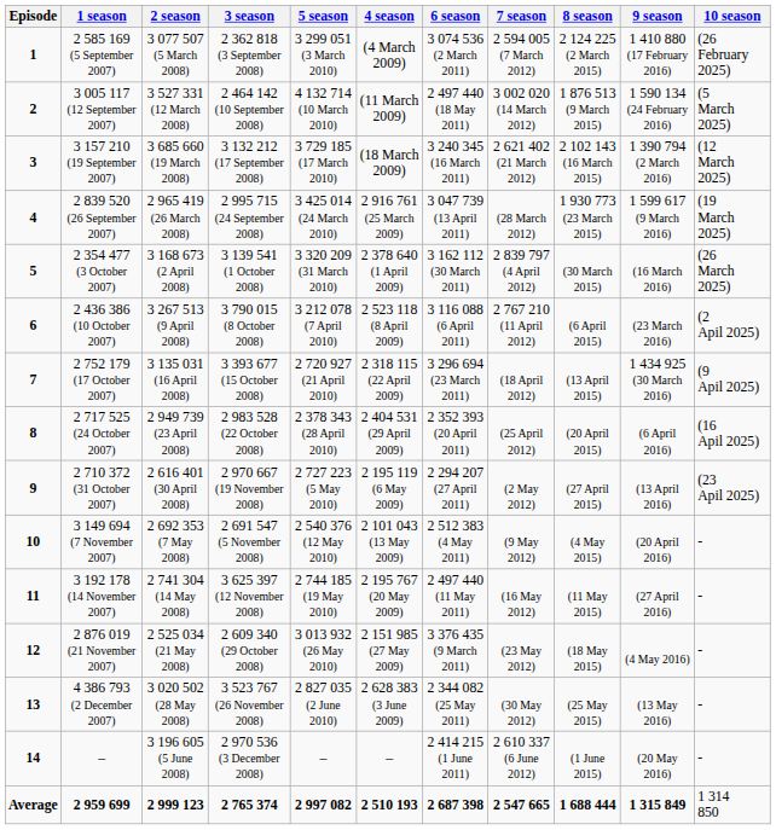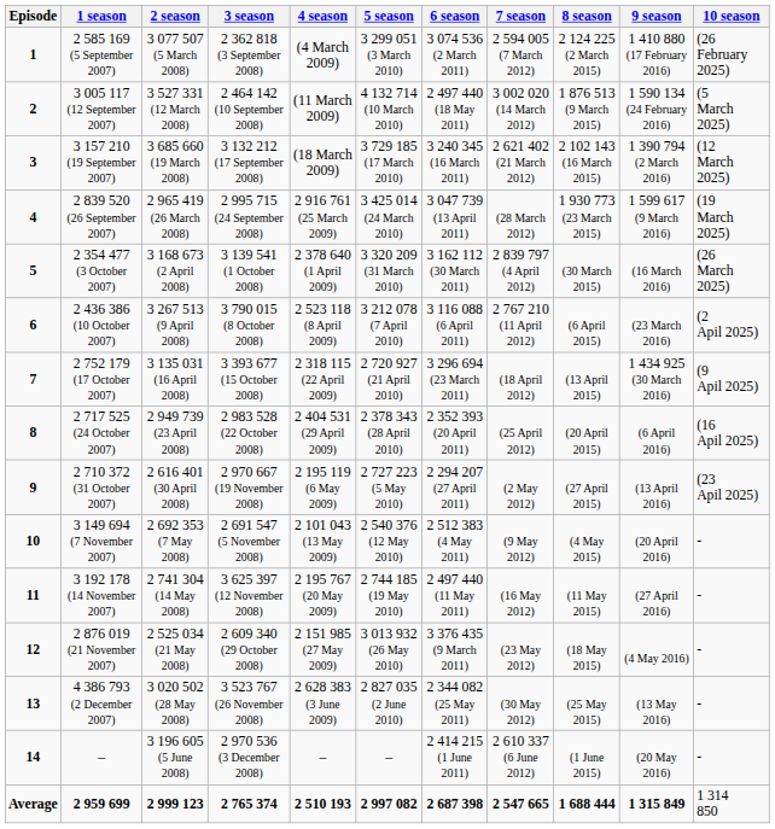 <table class="wikitable">
 <tr>
 <th>Episode</th>
 <th><a href='#'>1 season</a></th>
 <th><a href='#'>2 season</a></th>
 <th><a href='#'>3 season</a></th>
+<th><a href='#'>4 season</a></th>
 <th><a href='#'>5 season</a></th>
-<th><a href='#'>4 season</a></th>
 <th><a href='#'>6 season</a></th>
 <th><a href='#'>7 season</a></th>
 <th><a href='#'>8 season</a></th>
 <th><a href='#'>9 season</a></th>
 <th><a href='#'>10 season</a></th>
 </tr>
 <tr -->
 <td align="center"><strong>1</strong></td>
 <td align="center">2 585 169<br><small>(5 September 2007)</small></td>
 <td align="center">3 077 507<br><small>(5 March 2008)</small></td>
 <td align="center">2 362 818<br><small>(3 September 2008)</small></td>
+<td align="center">(4 March<br>2009)</td>
 <td align="center">3 299 051<br><small>(3 March 2010)</small></td>
-<td align="center">(4 March<br>2009)</td>
 <td align="center">3 074 536<br><small>(2 March 2011)</small></td>
 <td align="center">2 594 005<br><small>(7 March 2012)</small></td>
 <td align="center">2 124 225<br><small>(2 March 2015)</small></td>
 <td align="center">1 410 880<br><small>(17 February 2016)</small></td>
 <td>(26<br>February 2025)</td>
 </tr>
 <tr -->
 <td align="center"><strong>2</strong></td>
 <td align="center">3 005 117<br><small>(12 September 2007)</small></td>
 <td align="center">3 527 331<br><small>(12 March 2008)</small></td>
 <td align="center">2 464 142<br><small>(10 September 2008)</small></td>
+<td align="center">(11 March<br>2009)</td>
 <td align="center">4 132 714<br><small>(10 March 2010)</small></td>
-<td align="center">(11 March<br>2009)</td>
 <td align="center">2 497 440<br><small>(18 May 2011)</small></td>
 <td align="center">3 002 020<br><small>(14 March 2012)</small></td>
 <td align="center">1 876 513<br><small>(9 March 2015)</small></td>
 <td align="center">1 590 134<br><small>(24 February 2016)</small></td>
 <td>(5<br>March  2025)</td>
 </tr>
 <tr -->
 <td align="center"><strong>3</strong></td>
 <td align="center">3 157 210<br><small>(19 September 2007)</small></td>
 <td align="center">3 685 660<br><small>(19 March 2008)</small></td>
 <td align="center">3 132 212<br><small>(17 September 2008)</small></td>
+<td align="center">(18 March<br>2009)</td>
 <td align="center">3 729 185<br><small>(17 March 2010)</small></td>
-<td align="center">(18 March<br>2009)</td>
 <td align="center">3 240 345<br><small>(16 March 2011)</small></td>
 <td align="center">2 621 402<br><small>(21 March 2012)</small></td>
 <td align="center">2 102 143<br><small>(16 March 2015)</small></td>
 <td align="center">1 390 794<br><small>(2 March 2016)</small></td>
 <td>(12<br>March  2025)</td>
 </tr>
 <tr -->
 <td align="center"><strong>4</strong></td>
 <td align="center">2 839 520<br><small>(26 September 2007)</small></td>
 <td align="center">2 965 419<br><small>(26 March 2008)</small></td>
 <td align="center">2 995 715<br><small>(24 September 2008)</small></td>
+<td align="center">2 916 761<br><small>(25 March 2009)</small></td>
 <td align="center">3 425 014<br><small>(24 March 2010)</small></td>
-<td align="center">2 916 761<br><small>(25 March 2009)</small></td>
 <td align="center">3 047 739<br><small>(13 April 2011)</small></td>
 <td align="center"><br><small>(28 March 2012)</small></td>
 <td align="center">1 930 773<br><small>(23 March 2015)</small></td>
 <td align="center">1 599 617<br><small>(9 March 2016)</small></td>
 <td>(19<br>March  2025)</td>
 </tr>
 <tr -->
 <td align="center"><strong>5</strong></td>
 <td align="center">2 354 477<br><small>(3 October 2007)</small></td>
 <td align="center">3 168 673<br><small>(2 April 2008)</small></td>
 <td align="center">3 139 541<br><small>(1 October 2008)</small></td>
+<td align="center">2 378 640<br><small>(1 April 2009)</small></td>
 <td align="center">3 320 209<br><small>(31 March 2010)</small></td>
-<td align="center">2 378 640<br><small>(1 April 2009)</small></td>
 <td align="center">3 162 112<br><small>(30 March 2011)</small></td>
 <td align="center">2 839 797<br><small>(4 April 2012)</small></td>
 <td align="center"><br><small>(30 March 2015)</small></td>
 <td align="center"><br><small>(16 March 2016)</small></td>
 <td>(26<br>March  2025)</td>
 </tr>
 <tr -->
 <td align="center"><strong>6</strong></td>
 <td align="center">2 436 386<br><small>(10 October 2007)</small></td>
 <td align="center">3 267 513<br><small>(9 April 2008)</small></td>
 <td align="center">3 790 015<br><small>(8 October 2008)</small></td>
+<td align="center">2 523 118<br><small>(8 April 2009)</small></td>
 <td align="center">3 212 078<br><small>(7 April 2010)</small></td>
-<td align="center">2 523 118<br><small>(8 April 2009)</small></td>
 <td align="center">3 116 088<br><small>(6 April 2011)</small></td>
 <td align="center">2 767 210<br><small>(11 April 2012)</small></td>
 <td align="center"><br><small>(6 April 2015)</small></td>
 <td align="center"><br><small>(23 March 2016)</small></td>
 <td>(2<br>Apil  2025)</td>
 </tr>
 <tr -->
 <td align="center"><strong>7</strong></td>
 <td align="center">2 752 179<br><small>(17 October 2007)</small></td>
 <td align="center">3 135 031<br><small>(16 April 2008)</small></td>
 <td align="center">3 393 677<br><small>(15 October 2008)</small></td>
+<td align="center">2 318 115<br><small>(22 April 2009)</small></td>
 <td align="center">2 720 927<br><small>(21 April 2010)</small></td>
-<td align="center">2 318 115<br><small>(22 April 2009)</small></td>
 <td align="center">3 296 694<br><small>(23 March 2011)</small></td>
 <td align="center"><br><small>(18 April 2012)</small></td>
 <td align="center"><br><small>(13 April 2015)</small></td>
 <td align="center">1 434 925<br><small>(30 March 2016)</small></td>
 <td>(9<br>Apil  2025)</td>
 </tr>
 <tr -->
 <td align="center"><strong>8</strong></td>
 <td align="center">2 717 525<br><small>(24 October 2007)</small></td>
 <td align="center">2 949 739<br><small>(23 April 2008)</small></td>
 <td align="center">2 983 528<br><small>(22 October 2008)</small></td>
+<td align="center">2 404 531<br><small>(29 April 2009)</small></td>
 <td align="center">2 378 343<br><small>(28 April 2010)</small></td>
-<td align="center">2 404 531<br><small>(29 April 2009)</small></td>
 <td align="center">2 352 393<br><small>(20 April 2011)</small></td>
 <td align="center"><br><small>(25 April 2012)</small></td>
 <td align="center"><br><small>(20 April 2015)</small></td>
 <td align="center"><br><small>(6 April 2016)</small></td>
 <td>(16<br>Apil  2025)</td>
 </tr>
 <tr -->
 <td align="center"><strong>9</strong></td>
 <td align="center">2 710 372<br><small>(31 October 2007)</small></td>
 <td align="center">2 616 401<br><small>(30 April 2008)</small></td>
 <td align="center">2 970 667<br><small>(19 November 2008)</small></td>
+<td align="center">2 195 119<br><small>(6 May 2009)</small></td>
 <td align="center">2 727 223<br><small>(5 May 2010)</small></td>
-<td align="center">2 195 119<br><small>(6 May 2009)</small></td>
 <td align="center">2 294 207<br><small>(27 April 2011)</small></td>
 <td align="center"><br><small>(2 May 2012)</small></td>
 <td align="center"><br><small>(27 April 2015)</small></td>
 <td align="center"><br><small>(13 April 2016)</small></td>
 <td>(23<br>Apil  2025)</td>
 </tr>
 <tr -->
 <td align="center"><strong>10</strong></td>
 <td align="center">3 149 694<br><small>(7 November 2007)</small></td>
 <td align="center">2 692 353<br><small>(7 May 2008)</small></td>
 <td align="center">2 691 547<br><small>(5 November 2008)</small></td>
+<td align="center">2 101 043<br><small>(13 May 2009)</small></td>
 <td align="center">2 540 376<br><small>(12 May 2010)</small></td>
-<td align="center">2 101 043<br><small>(13 May 2009)</small></td>
 <td align="center">2 512 383<br><small>(4 May 2011)</small></td>
 <td align="center"><br><small>(9 May 2012)</small></td>
 <td align="center"><br><small>(4 May 2015)</small></td>
 <td align="center"><br><small>(20 April 2016)</small></td>
 <td>-</td>
 </tr>
 <tr -->
 <td align="center"><strong>11</strong></td>
 <td align="center">3 192 178<br><small>(14 November 2007)</small></td>
 <td align="center">2 741 304<br><small>(14 May 2008)</small></td>
 <td align="center">3 625 397<br><small>(12 November 2008)</small></td>
+<td align="center">2 195 767<br><small>(20 May 2009)</small></td>
 <td align="center">2 744 185<br><small>(19 May 2010)</small></td>
-<td align="center">2 195 767<br><small>(20 May 2009)</small></td>
 <td align="center">2 497 440<br><small>(11 May 2011)</small></td>
 <td align="center"><br><small>(16 May 2012)</small></td>
 <td align="center"><br><small>(11 May 2015)</small></td>
 <td align="center"><br><small>(27 April 2016)</small></td>
 <td>-</td>
 </tr>
 <tr -->
 <td align="center"><strong>12</strong></td>
 <td align="center">2 876 019<br><small>(21 November 2007)</small></td>
 <td align="center">2 525 034<br><small>(21 May 2008)</small></td>
 <td align="center">2 609 340<br><small>(29 October 2008)</small></td>
+<td align="center">2 151 985<br><small>(27 May 2009)</small></td>
 <td align="center">3 013 932<br><small>(26 May 2010)</small></td>
-<td align="center">2 151 985<br><small>(27 May 2009)</small></td>
 <td align="center">3 376 435<br><small>(9 March 2011)</small></td>
 <td align="center"><br><small>(23 May 2012)</small></td>
 <td align="center"><br><small>(18 May 2015)</small></td>
 <td align="center"><br><small>(4 May 2016)</small></td>
 <td>-</td>
 </tr>
 <tr -->
 <td align="center"><strong>13</strong></td>
 <td align="center">4 386 793<br><small>(2 December 2007)</small></td>
 <td align="center">3 020 502<br><small>(28 May 2008)</small></td>
 <td align="center">3 523 767<br><small>(26 November 2008)</small></td>
+<td align="center">2 628 383<br><small>(3 June 2009)</small></td>
 <td align="center">2 827 035<br><small>(2 June 2010)</small></td>
-<td align="center">2 628 383<br><small>(3 June 2009)</small></td>
 <td align="center">2 344 082<br><small>(25 May 2011)</small></td>
 <td align="center"><br><small>(30 May 2012)</small></td>
 <td align="center"><br><small>(25 May 2015)</small></td>
 <td align="center"><br><small>(13 May 2016)</small></td>
 <td>-</td>
 </tr>
 <tr -->
 <td align="center"><strong>14</strong></td>
 <td align="center">–</td>
 <td align="center">3 196 605<br><small>(5 June 2008)</small></td>
 <td align="center">2 970 536<br><small>(3 December 2008)</small></td>
 <td align="center">–</td>
 <td align="center">–</td>
 <td align="center">2 414 215<br><small>(1 June 2011)</small></td>
 <td align="center">2 610 337<br><small>(6 June 2012)</small></td>
 <td align="center"><br><small>(1 June 2015)</small></td>
 <td align="center"><br><small>(20 May 2016)</small></td>
 <td>-</td>
 </tr>
 <tr -->
 <td align="center"><strong>Average</strong></td>
 <td align="center"><strong>2 959 699</strong></td>
 <td align="center"><strong>2 999 123</strong></td>
 <td align="center"><strong>2 765 374</strong></td>
+<td align="center"><strong>2 510 193</strong></td>
 <td align="center"><strong>2 997 082</strong></td>
-<td align="center"><strong>2 510 193</strong></td>
 <td align="center"><strong>2 687 398</strong></td>
 <td align="center"><strong>2 547 665</strong></td>
 <td align="center"><strong>1 688 444</strong></td>
 <td align="center"><strong>1 315 849</strong></td>
 <td>1 314<br>850</td>
 </tr>
 </table>
